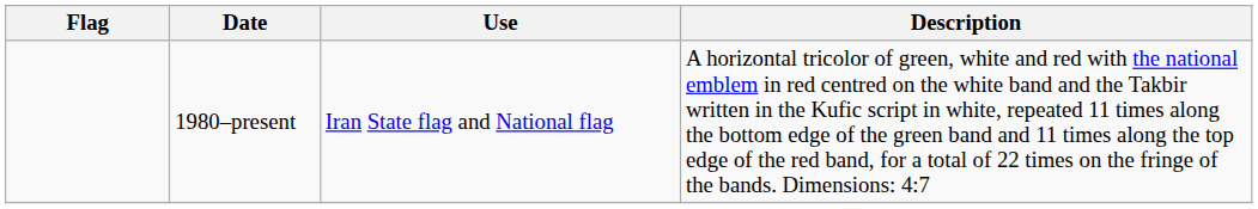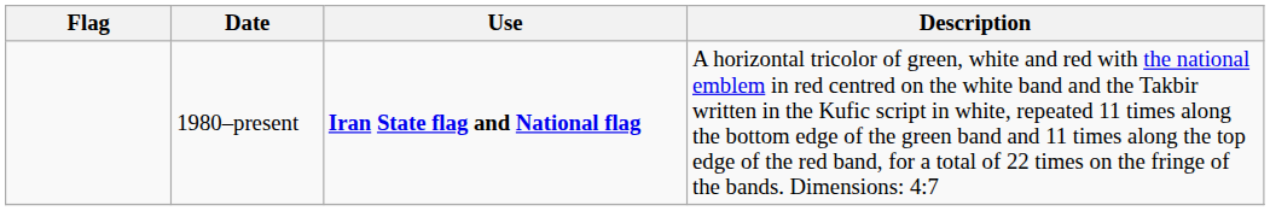 <table class="wikitable" style="background:#f9f9f9">
 <tr>
 <th width="110">Flag</th>
 <th width="100">Date</th>
 <th width="250">Use</th>
 <th width="400">Description</th>
 </tr>
 <tr>
 <td></td>
 <td>1980–present</td>
-<td><a href='#'>Iran</a> <a href='#'>State flag</a> and <a href='#'>National flag</a></td>
+<td><strong><a href='#'>Iran</a> <a href='#'>State flag</a> and <a href='#'>National flag</a></strong></td>
 <td>A horizontal tricolor of green, white and red with <a href='#'>the national emblem</a> in red centred on the white band and the Takbir written in the Kufic script in white, repeated 11 times along the bottom edge of the green band and 11 times along the top edge of the red band, for a total of 22 times on the fringe of the bands. Dimensions: 4:7</td>
 </tr>
 <tr>
 </tr>
 </table>
